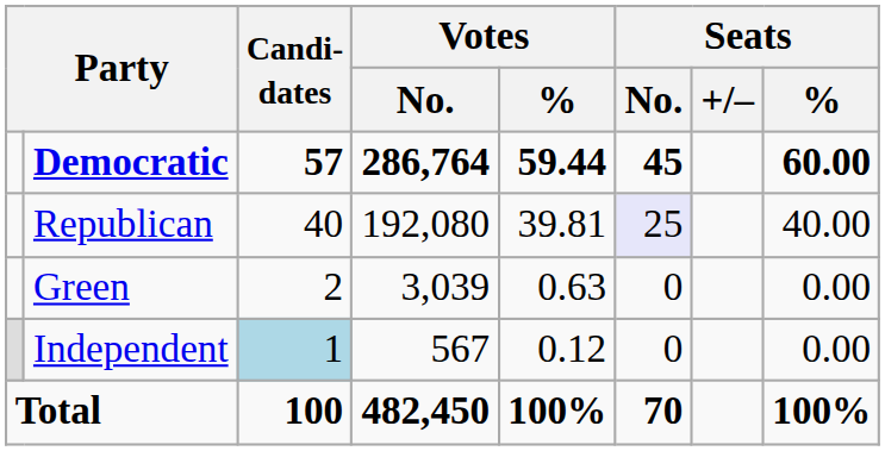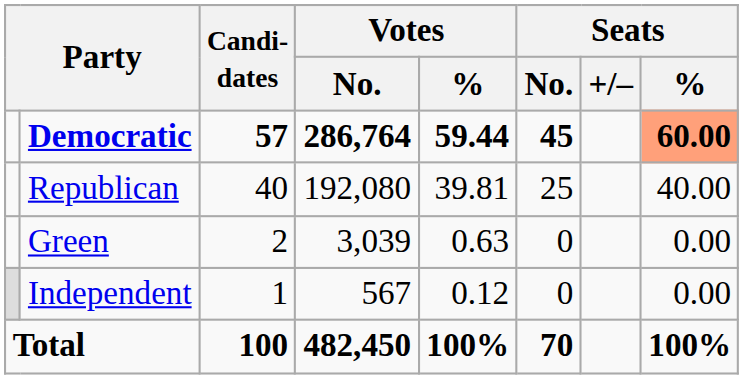 <table class="wikitable" style="font-size:100%; text-align:right;">
 <tr>
 <th colspan=2 rowspan=2>Party</th>
 <th rowspan=2><small>Candi-<br>dates</small></th>
 <th colspan=2>Votes</th>
 <th colspan=3>Seats</th>
 </tr>
 <tr>
 <th>No.</th>
 <th>%</th>
 <th>No.</th>
 <th>+/–</th>
 <th>%</th>
 </tr>
 <tr>
 <td style="background:"></td>
 <td align=left><strong><a href='#'>Democratic</a></strong></td>
 <td><strong>57</strong></td>
 <td><strong>286,764</strong></td>
 <td><strong>59.44</strong></td>
 <td><strong>45</strong></td>
 <td></td>
-<td><strong>60.00</strong></td>
+<td style="background: lightsalmon;"><strong>60.00</strong></td>
 </tr>
 <tr>
 <td style="background:"></td>
 <td align=left><a href='#'>Republican</a></td>
 <td>40</td>
 <td>192,080</td>
 <td>39.81</td>
-<td style="background: lavender;">25</td>
+<td>25</td>
 <td></td>
 <td>40.00</td>
 </tr>
 <tr>
 <td style="background:"></td>
 <td align=left><a href='#'>Green</a></td>
 <td>2</td>
 <td>3,039</td>
 <td>0.63</td>
 <td>0</td>
 <td></td>
 <td>0.00</td>
 </tr>
 <tr>
 <td style="background:#ddd;"></td>
 <td align=left><a href='#'>Independent</a></td>
-<td style="background: lightblue;">1</td>
+<td>1</td>
 <td>567</td>
 <td>0.12</td>
 <td>0</td>
 <td></td>
 <td>0.00</td>
 </tr>
 <tr style="font-weight:bold">
 <td colspan=2 align=left>Total</td>
 <td>100</td>
 <td>482,450</td>
 <td>100%</td>
 <td>70</td>
 <td></td>
 <td>100%</td>
 </tr>
 </table>
